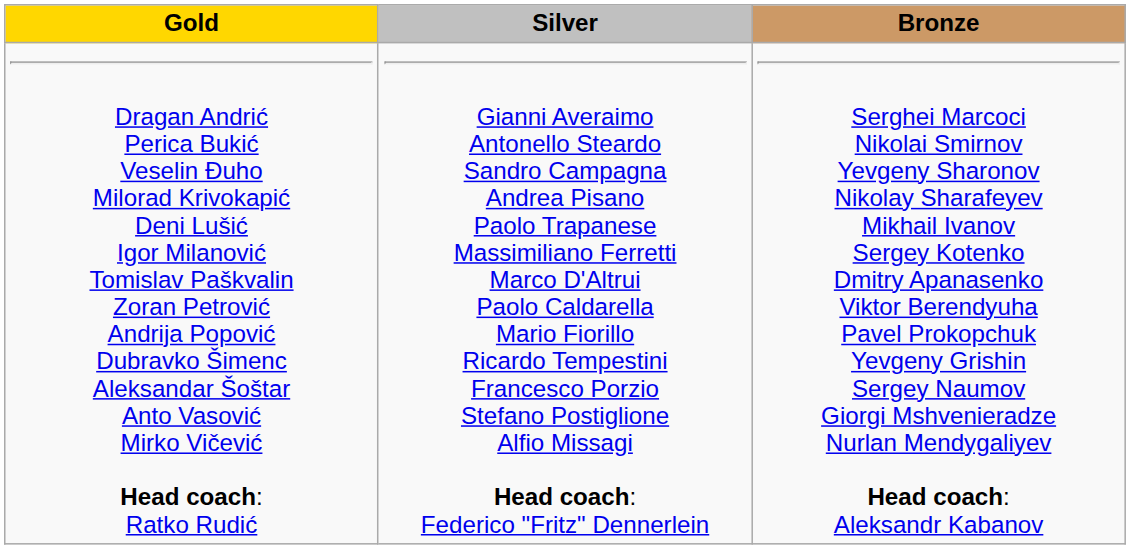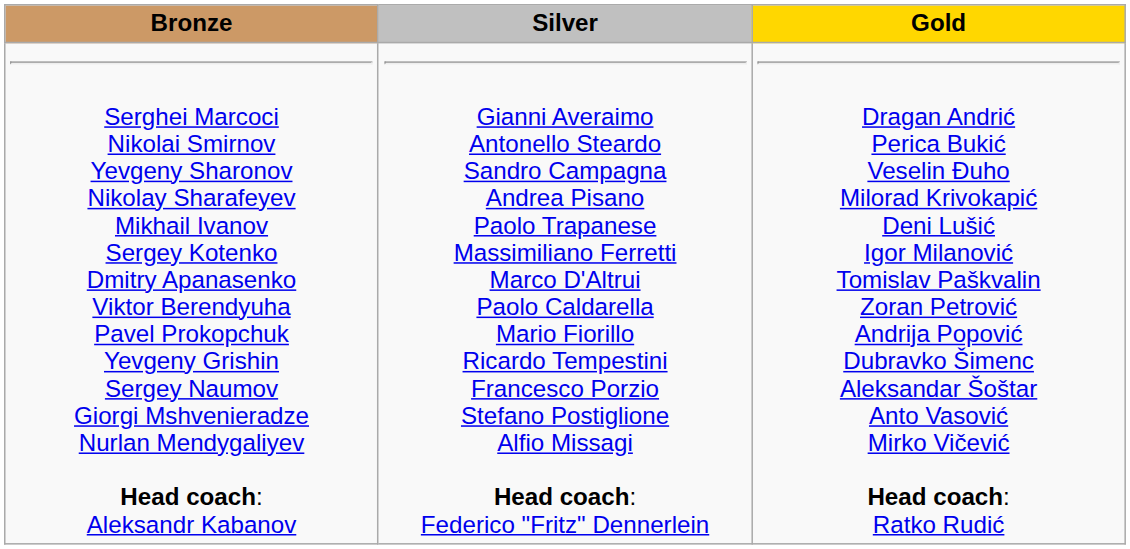 <table class="wikitable">
 <tr>
+<th style="text-align:center; width:15em; background-color:#CC9966;">Bronze</th>
+<th style="text-align:center; width:15em; background-color:silver;">Silver</th>
 <th style="text-align:center; width:15em; background-color:gold;">Gold</th>
-<th style="text-align:center; width:15em; background-color:silver;">Silver</th>
-<th style="text-align:center; width:15em; background-color:#CC9966;">Bronze</th>
 </tr>
 <tr>
+<td style="text-align:center; vertical-align:top;"><strong></strong> <hr><br><a href='#'>Serghei Marcoci</a><br> <a href='#'>Nikolai Smirnov</a><br> <a href='#'>Yevgeny Sharonov</a><br> <a href='#'>Nikolay Sharafeyev</a><br> <a href='#'>Mikhail Ivanov</a><br> <a href='#'>Sergey Kotenko</a><br> <a href='#'>Dmitry Apanasenko</a><br> <a href='#'>Viktor Berendyuha</a><br> <a href='#'>Pavel Prokopchuk</a><br> <a href='#'>Yevgeny Grishin</a><br> <a href='#'>Sergey Naumov</a><br> <a href='#'>Giorgi Mshvenieradze</a><br> <a href='#'>Nurlan Mendygaliyev</a><br><br><strong>Head coach</strong>: <br><a href='#'>Aleksandr Kabanov</a></td>
+<td style="text-align:center; vertical-align:top;"><strong></strong> <hr><br><a href='#'>Gianni Averaimo</a><br> <a href='#'>Antonello Steardo</a><br> <a href='#'>Sandro Campagna</a><br> <a href='#'>Andrea Pisano</a><br> <a href='#'>Paolo Trapanese</a><br> <a href='#'>Massimiliano Ferretti</a><br> <a href='#'>Marco D'Altrui</a><br> <a href='#'>Paolo Caldarella</a><br> <a href='#'>Mario Fiorillo</a><br> <a href='#'>Ricardo Tempestini</a><br> <a href='#'>Francesco Porzio</a><br> <a href='#'>Stefano Postiglione</a><br> <a href='#'>Alfio Missagi</a><br><br><strong>Head coach</strong>: <br><a href='#'>Federico "Fritz" Dennerlein</a></td>
 <td style="text-align:center; vertical-align:top;"><strong></strong> <hr><br><a href='#'>Dragan Andrić</a><br> <a href='#'>Perica Bukić</a><br> <a href='#'>Veselin Đuho</a><br> <a href='#'>Milorad Krivokapić</a><br> <a href='#'>Deni Lušić</a><br> <a href='#'>Igor Milanović</a><br> <a href='#'>Tomislav Paškvalin</a><br> <a href='#'>Zoran Petrović</a><br> <a href='#'>Andrija Popović</a><br> <a href='#'>Dubravko Šimenc</a><br> <a href='#'>Aleksandar Šoštar</a><br> <a href='#'>Anto Vasović</a><br> <a href='#'>Mirko Vičević</a><br><br><strong>Head coach</strong>: <br><a href='#'>Ratko Rudić</a></td>
-<td style="text-align:center; vertical-align:top;"><strong></strong> <hr><br><a href='#'>Gianni Averaimo</a><br> <a href='#'>Antonello Steardo</a><br> <a href='#'>Sandro Campagna</a><br> <a href='#'>Andrea Pisano</a><br> <a href='#'>Paolo Trapanese</a><br> <a href='#'>Massimiliano Ferretti</a><br> <a href='#'>Marco D'Altrui</a><br> <a href='#'>Paolo Caldarella</a><br> <a href='#'>Mario Fiorillo</a><br> <a href='#'>Ricardo Tempestini</a><br> <a href='#'>Francesco Porzio</a><br> <a href='#'>Stefano Postiglione</a><br> <a href='#'>Alfio Missagi</a><br><br><strong>Head coach</strong>: <br><a href='#'>Federico "Fritz" Dennerlein</a></td>
-<td style="text-align:center; vertical-align:top;"><strong></strong> <hr><br><a href='#'>Serghei Marcoci</a><br> <a href='#'>Nikolai Smirnov</a><br> <a href='#'>Yevgeny Sharonov</a><br> <a href='#'>Nikolay Sharafeyev</a><br> <a href='#'>Mikhail Ivanov</a><br> <a href='#'>Sergey Kotenko</a><br> <a href='#'>Dmitry Apanasenko</a><br> <a href='#'>Viktor Berendyuha</a><br> <a href='#'>Pavel Prokopchuk</a><br> <a href='#'>Yevgeny Grishin</a><br> <a href='#'>Sergey Naumov</a><br> <a href='#'>Giorgi Mshvenieradze</a><br> <a href='#'>Nurlan Mendygaliyev</a><br><br><strong>Head coach</strong>: <br><a href='#'>Aleksandr Kabanov</a></td>
 </tr>
 </table>
